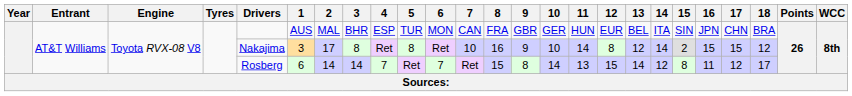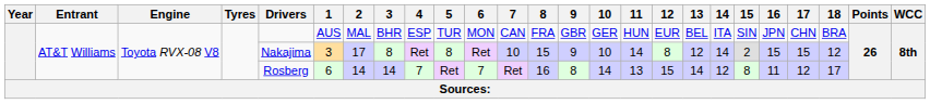 <table class="wikitable" style="text-align:center; font-size:95%">
 <tr>
 <th>Year</th>
 <th>Entrant</th>
 <th>Engine</th>
 <th>Tyres</th>
 <th>Drivers</th>
 <th>1</th>
 <th>2</th>
 <th>3</th>
 <th>4</th>
 <th>5</th>
 <th>6</th>
 <th>7</th>
 <th>8</th>
 <th>9</th>
 <th>10</th>
 <th>11</th>
 <th>12</th>
 <th>13</th>
 <th>14</th>
 <th>15</th>
 <th>16</th>
 <th>17</th>
 <th>18</th>
 <th>Points</th>
 <th>WCC</th>
 </tr>
 <tr>
 <th rowspan="3"></th>
 <td rowspan="3"><a href='#'>AT&T</a> <a href='#'>Williams</a></td>
 <td rowspan="3"><a href='#'>Toyota</a> <em>RVX-08</em> <a href='#'>V8</a></td>
 <td rowspan="3"></td>
 <td></td>
 <td><a href='#'>AUS</a></td>
 <td><a href='#'>MAL</a></td>
 <td><a href='#'>BHR</a></td>
 <td><a href='#'>ESP</a></td>
 <td><a href='#'>TUR</a></td>
 <td><a href='#'>MON</a></td>
 <td><a href='#'>CAN</a></td>
 <td><a href='#'>FRA</a></td>
 <td><a href='#'>GBR</a></td>
 <td><a href='#'>GER</a></td>
 <td><a href='#'>HUN</a></td>
 <td><a href='#'>EUR</a></td>
 <td><a href='#'>BEL</a></td>
 <td><a href='#'>ITA</a></td>
 <td><a href='#'>SIN</a></td>
 <td><a href='#'>JPN</a></td>
 <td><a href='#'>CHN</a></td>
 <td><a href='#'>BRA</a></td>
 <th rowspan="3">26</th>
 <th rowspan="3">8th</th>
 </tr>
 <tr>
 <td><a href='#'>Nakajima</a></td>
 <td style="background:#ffdf9f;">3</td>
 <td style="background:#cfcfff;">17</td>
 <td style="background:#dfffdf;">8</td>
 <td style="background:#efcfff;">Ret</td>
 <td style="background:#dfffdf;">8</td>
 <td style="background:#efcfff;">Ret</td>
 <td style="background:#cfcfff;">10</td>
-<td style="background:#cfcfff;">16</td>
+<td style="background:#cfcfff;">15</td>
 <td style="background:#cfcfff;">9</td>
 <td style="background:#cfcfff;">10</td>
 <td style="background:#cfcfff;">14</td>
 <td style="background:#dfffdf;">8</td>
 <td style="background:#cfcfff;">12</td>
 <td style="background:#cfcfff;">14</td>
 <td style="background:#dfdfdf;">2</td>
 <td style="background:#cfcfff;">15</td>
 <td style="background:#cfcfff;">15</td>
 <td style="background:#cfcfff;">12</td>
 </tr>
 <tr>
 <td><a href='#'>Rosberg</a></td>
 <td style="background:#dfffdf;">6</td>
 <td style="background:#cfcfff;">14</td>
 <td style="background:#cfcfff;">14</td>
 <td style="background:#dfffdf;">7</td>
 <td style="background:#efcfff;">Ret</td>
 <td style="background:#dfffdf;">7</td>
 <td style="background:#efcfff;">Ret</td>
-<td style="background:#cfcfff;">15</td>
+<td style="background:#cfcfff;">16</td>
 <td style="background:#dfffdf;">8</td>
 <td style="background:#cfcfff;">14</td>
 <td style="background:#cfcfff;">13</td>
 <td style="background:#cfcfff;">15</td>
 <td style="background:#cfcfff;">14</td>
 <td style="background:#cfcfff;">12</td>
 <td style="background:#dfffdf;">8</td>
 <td style="background:#cfcfff;">11</td>
 <td style="background:#cfcfff;">12</td>
 <td style="background:#cfcfff;">17</td>
 </tr>
 <tr>
 <th colspan="25">Sources:</th>
 </tr>
 </table>
